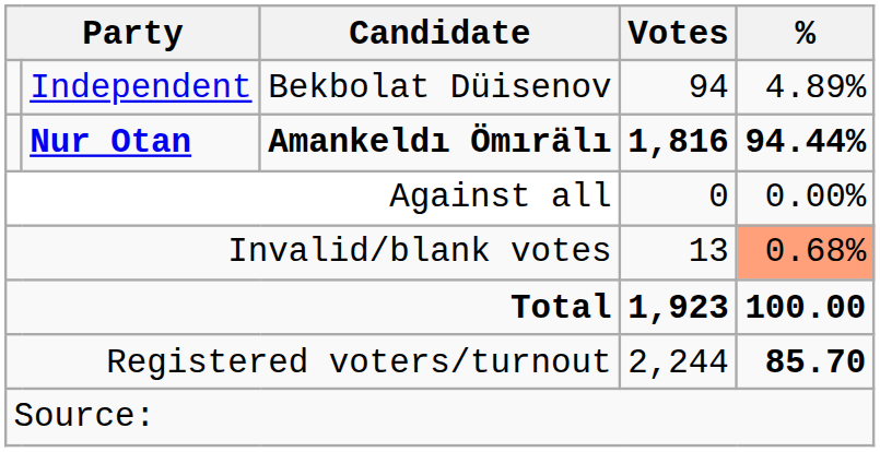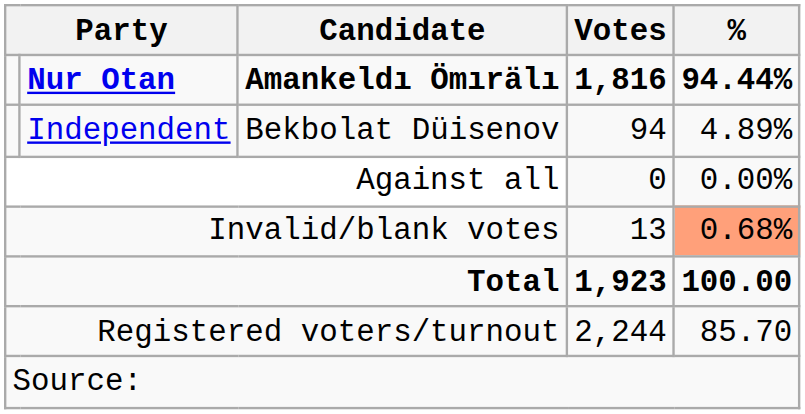 <table class="wikitable" style="text-align:right;">
 <tr>
 <th colspan="2">Party</th>
 <th scope="col">Candidate</th>
 <th scope="col">Votes</th>
 <th scope="col">%</th>
 </tr>
 <tr>
 <td style="background-color:"></td>
+<td rowspan="1" style="text-align: left;" scope="row"><strong><a href='#'>Nur Otan</a></strong></td>
+<td style="text-align: left;"><strong>Amankeldı Ömırälı</strong></td>
+<td><strong>1,816</strong></td>
+<td><strong>94.44%</strong></td>
+</tr>
+<tr>
+<td style="background-color:"></td>
 <td rowspan="1" style="text-align: left;" scope="row"><a href='#'>Independent</a></td>
 <td style="text-align: left;">Bekbolat Düisenov</td>
 <td>94</td>
 <td>4.89%</td>
-</tr>
-<tr>
-<td style="background-color:"></td>
-<td rowspan="1" style="text-align: left;" scope="row"><strong><a href='#'>Nur Otan</a></strong></td>
-<td style="text-align: left;"><strong>Amankeldı Ömırälı</strong></td>
-<td><strong>1,816</strong></td>
-<td><strong>94.44%</strong></td>
 </tr>
 <tr>
 <td colspan="3" style="background-color:#FFFFFF">Against all</td>
 <td>0</td>
 <td>0.00%</td>
 </tr>
 <tr>
 <td colspan="3" rowspan="1" style="text-align: right;" scope="row">Invalid/blank votes</td>
 <td>13</td>
 <td style="background: lightsalmon;">0.68%</td>
 </tr>
 <tr>
 <td colspan="3"><strong>Total</strong></td>
 <td><strong>1,923</strong></td>
 <td><strong>100.00</strong></td>
 </tr>
 <tr>
 <td colspan="3">Registered voters/turnout</td>
 <td>2,244</td>
-<td><strong>85.70</strong></td>
+<td>85.70</td>
 </tr>
 <tr>
 <td colspan="5" style="text-align: left;">Source:   </td>
 </tr>
 </table>
